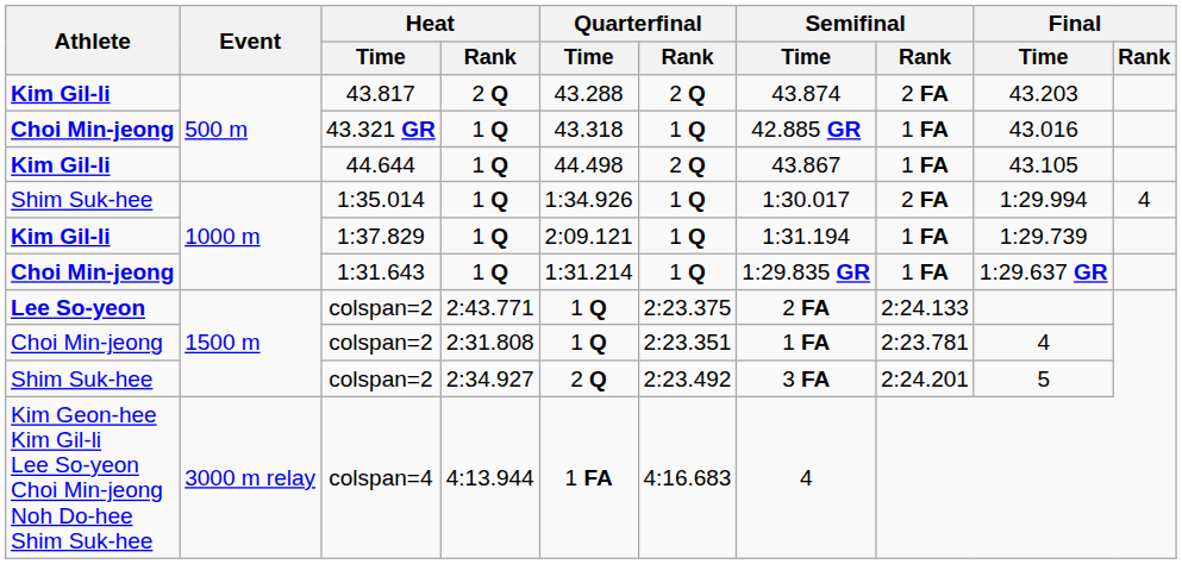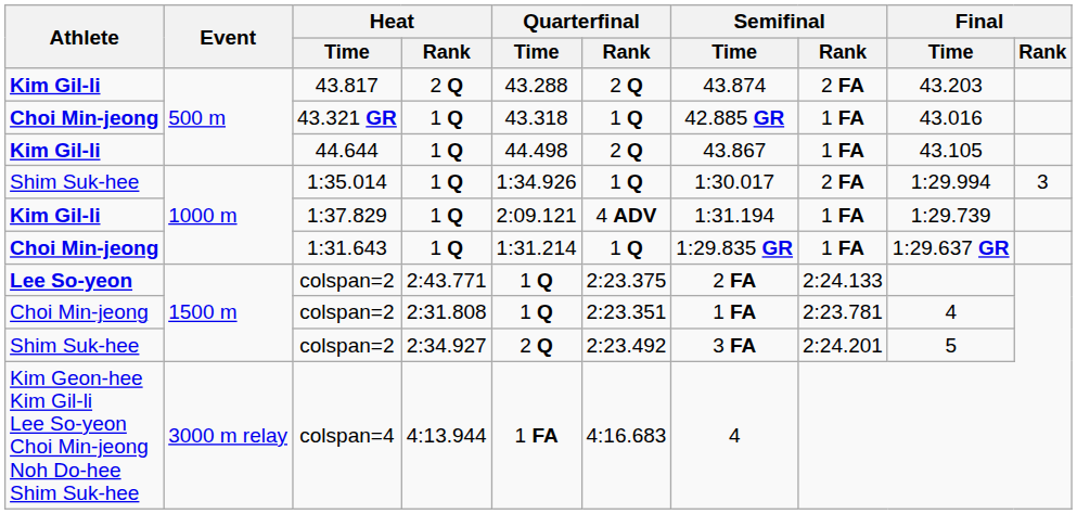 <table class="wikitable" style="font-size:90%">
 <tr>
 <th rowspan=2>Athlete</th>
 <th rowspan=2>Event</th>
 <th colspan=2>Heat</th>
 <th colspan=2>Quarterfinal</th>
 <th colspan=2>Semifinal</th>
 <th colspan=2>Final</th>
 </tr>
 <tr style="font-size:95%">
 <th>Time</th>
 <th>Rank</th>
 <th>Time</th>
 <th>Rank</th>
 <th>Time</th>
 <th>Rank</th>
 <th>Time</th>
 <th>Rank</th>
 </tr>
 <tr align=center>
 <td align=left><strong><a href='#'>Kim Gil-li</a></strong></td>
 <td align=left rowspan=3><a href='#'>500 m</a></td>
 <td>43.817</td>
 <td>2 <strong>Q</strong></td>
 <td>43.288</td>
 <td>2 <strong>Q</strong></td>
 <td>43.874</td>
 <td>2 <strong>FA</strong></td>
 <td>43.203</td>
 <td></td>
 </tr>
 <tr align=center>
 <td align=left><strong><a href='#'>Choi Min-jeong</a></strong></td>
 <td>43.321 <strong><a href='#'>GR</a></strong></td>
 <td>1 <strong>Q</strong></td>
 <td>43.318</td>
 <td>1 <strong>Q</strong></td>
 <td>42.885 <strong><a href='#'>GR</a></strong></td>
 <td>1 <strong>FA</strong></td>
 <td>43.016</td>
 <td></td>
 </tr>
 <tr align=center>
 <td align=left><strong><a href='#'>Kim Gil-li</a></strong></td>
 <td>44.644</td>
 <td>1 <strong>Q</strong></td>
 <td>44.498</td>
 <td>2 <strong>Q</strong></td>
 <td>43.867</td>
 <td>1 <strong>FA</strong></td>
 <td>43.105</td>
 <td></td>
 </tr>
 <tr align=center>
 <td align=left><a href='#'>Shim Suk-hee</a></td>
 <td align=left rowspan=3><a href='#'>1000 m</a></td>
 <td>1:35.014</td>
 <td>1 <strong>Q</strong></td>
 <td>1:34.926</td>
 <td>1 <strong>Q</strong></td>
 <td>1:30.017</td>
 <td>2 <strong>FA</strong></td>
 <td>1:29.994</td>
-<td>4</td>
+<td>3</td>
 </tr>
 <tr align=center>
 <td align=left><strong><a href='#'>Kim Gil-li</a></strong></td>
 <td>1:37.829</td>
 <td>1 <strong>Q</strong></td>
 <td>2:09.121</td>
-<td>1 <strong>Q</strong></td>
+<td>4 <strong>ADV</strong></td>
 <td>1:31.194</td>
 <td>1 <strong>FA</strong></td>
 <td>1:29.739</td>
 <td></td>
 </tr>
 <tr align=center>
 <td align=left><strong><a href='#'>Choi Min-jeong</a></strong></td>
 <td>1:31.643</td>
 <td>1 <strong>Q</strong></td>
 <td>1:31.214</td>
 <td>1 <strong>Q</strong></td>
 <td>1:29.835 <strong><a href='#'>GR</a></strong></td>
 <td>1 <strong>FA</strong></td>
 <td>1:29.637 <strong><a href='#'>GR</a></strong></td>
 <td></td>
 </tr>
 <tr align=center>
 <td align=left><strong><a href='#'>Lee So-yeon</a></strong></td>
 <td align=left rowspan=3><a href='#'>1500 m</a></td>
 <td>colspan=2 </td>
 <td>2:43.771</td>
 <td>1 <strong>Q</strong></td>
 <td>2:23.375</td>
 <td>2 <strong>FA</strong></td>
 <td>2:24.133</td>
 <td></td>
 </tr>
 <tr align=center>
 <td align=left><a href='#'>Choi Min-jeong</a></td>
 <td>colspan=2 </td>
 <td>2:31.808</td>
 <td>1 <strong>Q</strong></td>
 <td>2:23.351</td>
 <td>1 <strong>FA</strong></td>
 <td>2:23.781</td>
 <td>4</td>
 </tr>
 <tr align=center>
 <td align=left><a href='#'>Shim Suk-hee</a></td>
 <td>colspan=2 </td>
 <td>2:34.927</td>
 <td>2 <strong>Q</strong></td>
 <td>2:23.492</td>
 <td>3 <strong>FA</strong></td>
 <td>2:24.201</td>
 <td>5</td>
 </tr>
 <tr align=center>
 <td align=left><a href='#'>Kim Geon-hee</a><br><a href='#'>Kim Gil-li</a><br><a href='#'>Lee So-yeon</a><br><a href='#'>Choi Min-jeong</a><br><a href='#'>Noh Do-hee</a><br><a href='#'>Shim Suk-hee</a></td>
 <td align=left><a href='#'>3000 m relay</a></td>
 <td>colspan=4 </td>
 <td>4:13.944</td>
 <td>1 <strong>FA</strong></td>
 <td>4:16.683</td>
 <td>4</td>
 </tr>
 </table>
